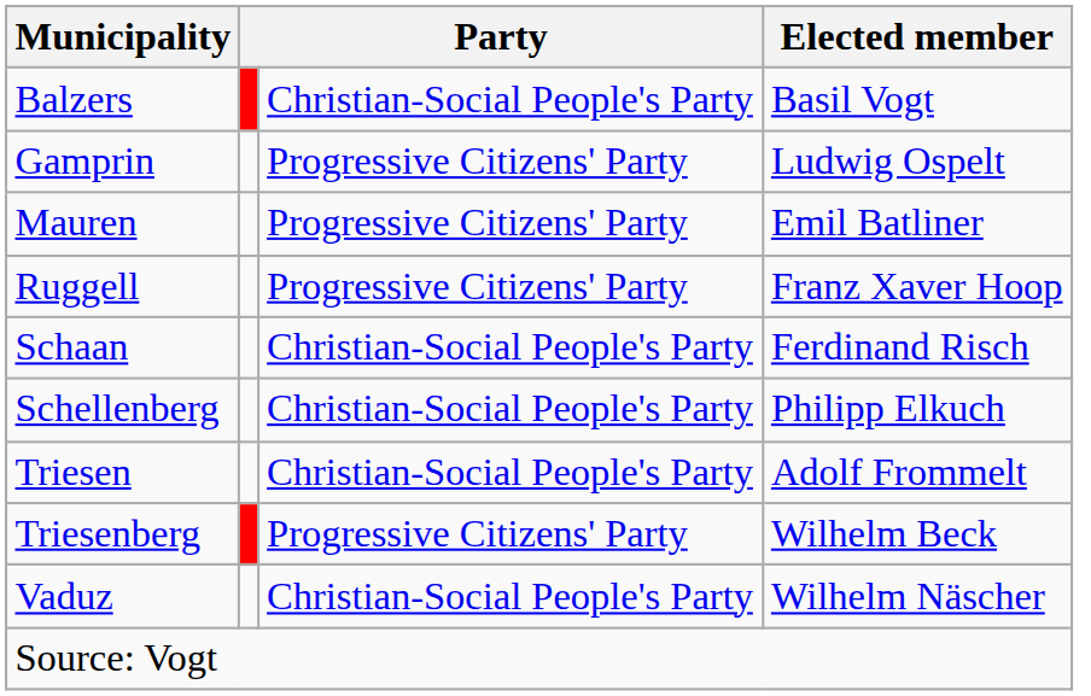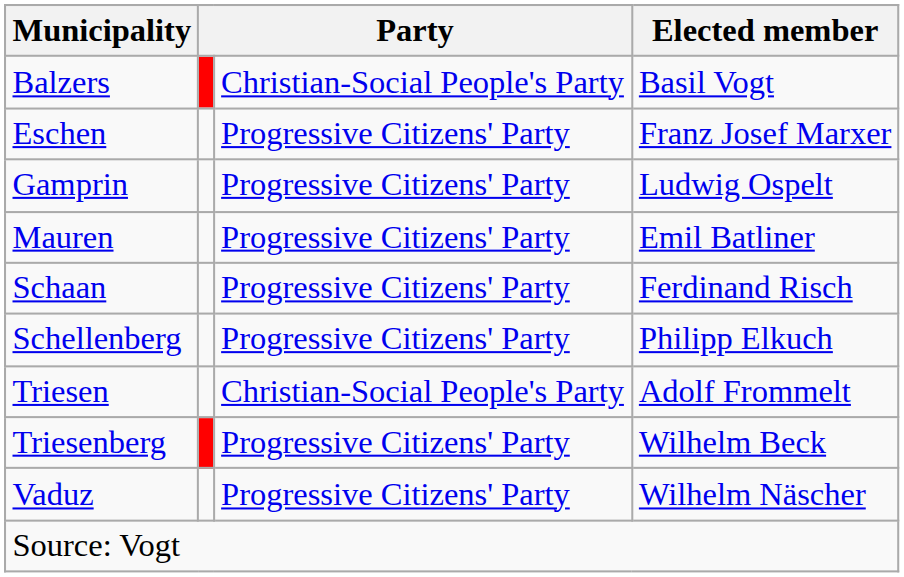 <table class="wikitable">
 <tr>
 <th>Municipality</th>
 <th colspan="2">Party</th>
 <th>Elected member</th>
 </tr>
 <tr>
 <td><a href='#'>Balzers</a></td>
 <td bgcolor=#FF0000></td>
 <td style="text-align: left;"><a href='#'>Christian-Social People's Party</a></td>
 <td align="left"><a href='#'>Basil Vogt</a></td>
+</tr>
+<tr>
+<td><a href='#'>Eschen</a></td>
+<td></td>
+<td style="text-align: left;"><a href='#'>Progressive Citizens' Party</a></td>
+<td align="left"><a href='#'>Franz Josef Marxer</a></td>
 </tr>
 <tr>
 <td><a href='#'>Gamprin</a></td>
 <td></td>
 <td style="text-align: left;"><a href='#'>Progressive Citizens' Party</a></td>
 <td align="left"><a href='#'>Ludwig Ospelt</a></td>
 </tr>
 <tr>
 <td><a href='#'>Mauren</a></td>
 <td></td>
 <td style="text-align: left;"><a href='#'>Progressive Citizens' Party</a></td>
 <td align="left"><a href='#'>Emil Batliner</a></td>
 </tr>
 <tr>
-<td><a href='#'>Ruggell</a></td>
+<td><a href='#'>Schaan</a></td>
 <td></td>
 <td style="text-align: left;"><a href='#'>Progressive Citizens' Party</a></td>
-<td align="left"><a href='#'>Franz Xaver Hoop</a></td>
-</tr>
-<tr>
-<td><a href='#'>Schaan</a></td>
-<td></td>
-<td style="text-align: left;"><a href='#'>Christian-Social People's Party</a></td>
 <td align="left"><a href='#'>Ferdinand Risch</a></td>
 </tr>
 <tr>
 <td><a href='#'>Schellenberg</a></td>
 <td></td>
-<td style="text-align: left;"><a href='#'>Christian-Social People's Party</a></td>
+<td style="text-align: left;"><a href='#'>Progressive Citizens' Party</a></td>
 <td align="left"><a href='#'>Philipp Elkuch</a></td>
 </tr>
 <tr>
 <td><a href='#'>Triesen</a></td>
 <td></td>
 <td style="text-align: left;"><a href='#'>Christian-Social People's Party</a></td>
 <td align="left"><a href='#'>Adolf Frommelt</a></td>
 </tr>
 <tr>
 <td><a href='#'>Triesenberg</a></td>
 <td bgcolor=#FF0000></td>
 <td style="text-align: left;"><a href='#'>Progressive Citizens' Party</a></td>
 <td align="left"><a href='#'>Wilhelm Beck</a></td>
 </tr>
 <tr>
 <td><a href='#'>Vaduz</a></td>
 <td></td>
-<td style="text-align: left;"><a href='#'>Christian-Social People's Party</a></td>
+<td style="text-align: left;"><a href='#'>Progressive Citizens' Party</a></td>
 <td align="left"><a href='#'>Wilhelm Näscher</a></td>
 </tr>
 <tr>
 <td colspan="4">Source: Vogt</td>
 </tr>
 </table>
